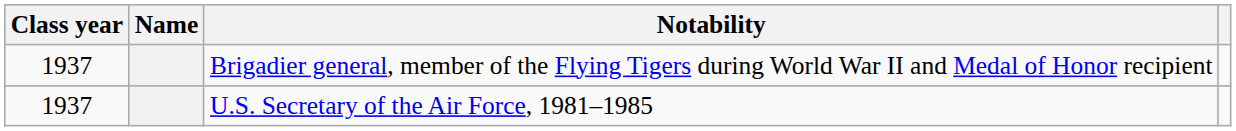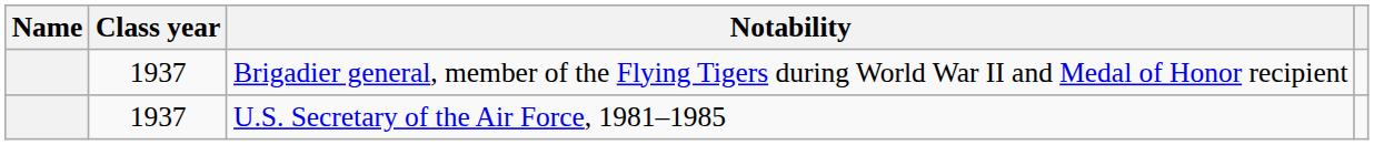 <table class="wikitable sortable plainrowheaders" style="text-align:center; border:2px solid #">
 <tr>
+<th scope="col">Name</th>
 <th scope="col">Class year</th>
-<th scope="col">Name</th>
 <th scope="col">Notability</th>
 <th scope="col"></th>
 </tr>
 <tr>
+<th scope="row"></th>
 <td>1937</td>
-<th scope="row"></th>
 <td style="text-align:left;"><a href='#'>Brigadier general</a>, member of the <a href='#'>Flying Tigers</a> during World War II and <a href='#'>Medal of Honor</a> recipient</td>
 <td></td>
 </tr>
 <tr>
+<th scope="row"></th>
 <td>1937</td>
-<th scope="row"></th>
 <td style="text-align:left;"><a href='#'>U.S. Secretary of the Air Force</a>, 1981–1985</td>
 <td></td>
 </tr>
 </table>
